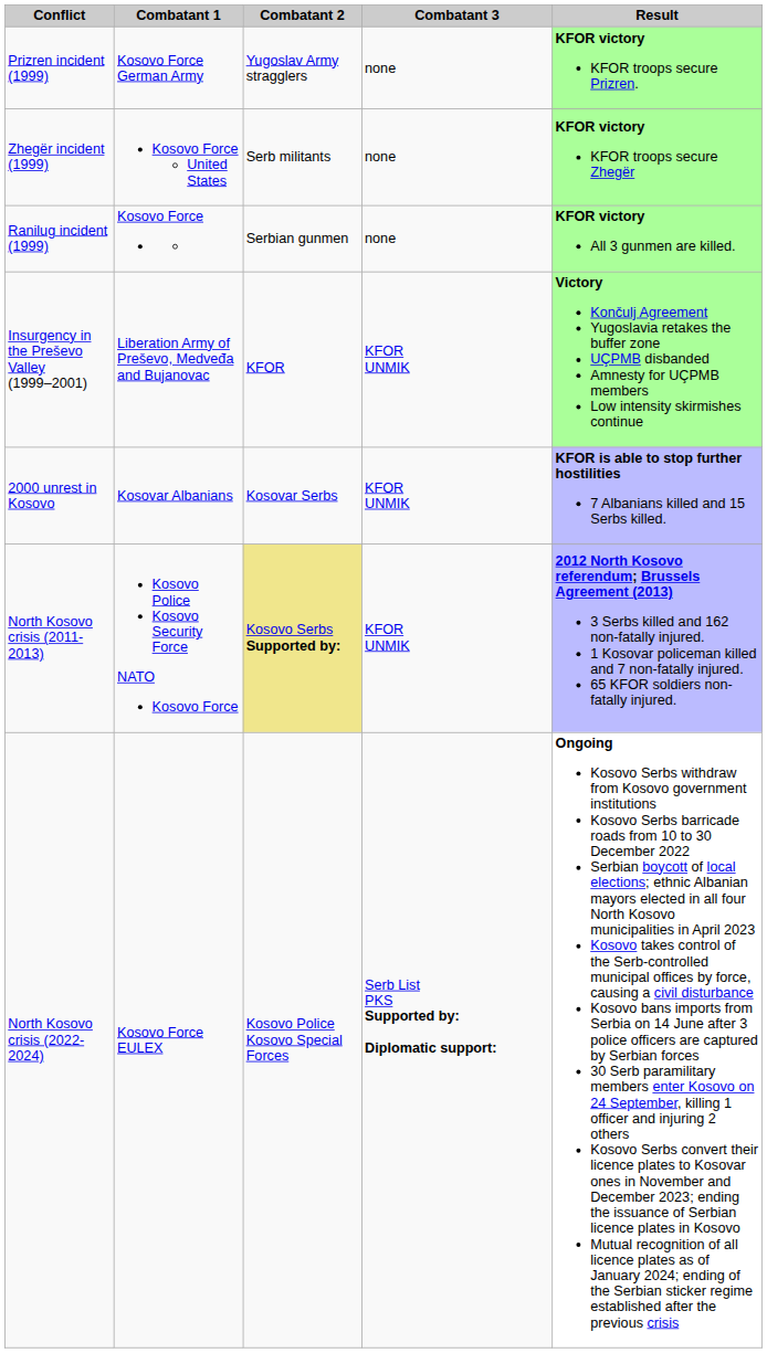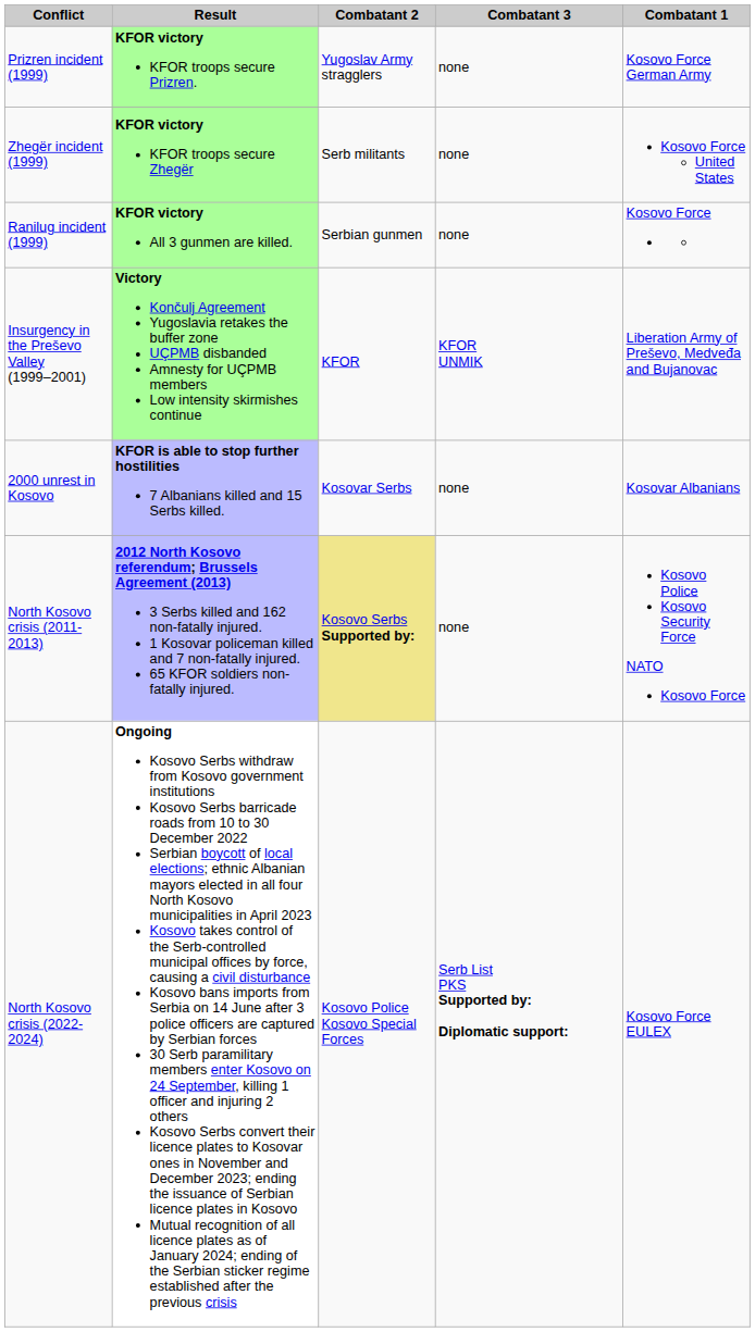 <table class="wikitable">
 <tr>
 <th style="background:#ccc" width="145"><span>Conflict</span></th>
-<th style="background:#ccc" width="150"><span>Combatant 1</span></th>
+<th style="background:#ccc" width="300"><span>Result</span></th>
 <th style="background:#ccc" width="160"><span>Combatant 2</span></th>
 <th style="background:#ccc" width="300"><span>Combatant 3</span></th>
-<th style="background:#ccc" width="300"><span>Result</span></th>
+<th style="background:#ccc" width="150"><span>Combatant 1</span></th>
 </tr>
 <tr>
 <td><a href='#'>Prizren incident (1999)</a></td>
-<td> <a href='#'>Kosovo Force</a><br> <a href='#'>German Army</a></td>
+<td style="background:#AF9"><strong>KFOR victory</strong><br><ul><li>KFOR troops secure <a href='#'>Prizren</a>.</li></ul></td>
 <td> <a href='#'>Yugoslav Army</a> stragglers</td>
 <td>none</td>
-<td style="background:#AF9"><strong>KFOR victory</strong><br><ul><li>KFOR troops secure <a href='#'>Prizren</a>.</li></ul></td>
+<td> <a href='#'>Kosovo Force</a><br> <a href='#'>German Army</a></td>
 </tr>
 <tr>
 <td><a href='#'>Zhegër incident (1999)</a></td>
-<td><br><ul><li> <a href='#'>Kosovo Force</a><ul><li> <a href='#'>United States</a></li></ul></li></ul></td>
+<td style="background:#AF9"><strong>KFOR victory</strong><br><ul><li>KFOR troops secure <a href='#'>Zhegër</a></li></ul></td>
 <td> Serb militants</td>
 <td>none</td>
-<td style="background:#AF9"><strong>KFOR victory</strong><br><ul><li>KFOR troops secure <a href='#'>Zhegër</a></li></ul></td>
+<td><br><ul><li> <a href='#'>Kosovo Force</a><ul><li> <a href='#'>United States</a></li></ul></li></ul></td>
 </tr>
 <tr>
 <td><a href='#'>Ranilug incident (1999)</a></td>
-<td>  <a href='#'>Kosovo Force</a><br><ul><li><ul><li></li></ul></li></ul></td>
+<td style="background:#AF9"><strong>KFOR victory</strong><br><ul><li>All 3 gunmen are killed.</li></ul></td>
 <td> Serbian gunmen</td>
 <td>none</td>
-<td style="background:#AF9"><strong>KFOR victory</strong><br><ul><li>All 3 gunmen are killed.</li></ul></td>
+<td>  <a href='#'>Kosovo Force</a><br><ul><li><ul><li></li></ul></li></ul></td>
 </tr>
 <tr>
 <td><a href='#'>Insurgency in the Preševo Valley</a><br>(1999–2001)</td>
-<td> <a href='#'>Liberation Army of Preševo, Medveđa and Bujanovac</a></td>
+<td style="background:#AF9"><strong>Victory</strong><br><ul><li><a href='#'>Končulj Agreement</a></li><li>Yugoslavia retakes the buffer zone</li><li><a href='#'>UÇPMB</a> disbanded</li><li>Amnesty for UÇPMB members</li><li>Low intensity skirmishes continue</li></ul></td>
 <td><br> <a href='#'>KFOR</a></td>
 <td> <a href='#'>KFOR</a><br> <a href='#'>UNMIK</a></td>
-<td style="background:#AF9"><strong>Victory</strong><br><ul><li><a href='#'>Končulj Agreement</a></li><li>Yugoslavia retakes the buffer zone</li><li><a href='#'>UÇPMB</a> disbanded</li><li>Amnesty for UÇPMB members</li><li>Low intensity skirmishes continue</li></ul></td>
+<td> <a href='#'>Liberation Army of Preševo, Medveđa and Bujanovac</a></td>
 </tr>
 <tr>
 <td><a href='#'>2000 unrest in Kosovo</a></td>
+<td style="background:#BBF"><strong>KFOR is able to stop further hostilities</strong><br><ul><li>7 Albanians killed and 15 Serbs killed.</li></ul></td>
+<td> <a href='#'>Kosovar Serbs</a></td>
+<td>none</td>
 <td> <a href='#'>Kosovar Albanians</a></td>
-<td> <a href='#'>Kosovar Serbs</a></td>
-<td> <a href='#'>KFOR</a><br> <a href='#'>UNMIK</a></td>
-<td style="background:#BBF"><strong>KFOR is able to stop further hostilities</strong><br><ul><li>7 Albanians killed and 15 Serbs killed.</li></ul></td>
 </tr>
 <tr>
 <td><a href='#'>North Kosovo crisis (2011-2013)</a></td>
+<td style="background:#BBF"><strong><a href='#'>2012 North Kosovo referendum</a>; <a href='#'>Brussels Agreement (2013)</a></strong><br><ul><li>3 Serbs killed and 162 non-fatally injured.</li><li>1 Kosovar policeman killed and 7 non-fatally injured.</li><li>65 KFOR soldiers non-fatally injured.</li></ul></td>
+<td style="background: khaki;"> <a href='#'>Kosovo Serbs</a><br><strong>Supported by:</strong><br></td>
+<td>none</td>
 <td><br><ul><li><a href='#'>Kosovo Police</a></li><li> <a href='#'>Kosovo Security Force</a></li></ul> <a href='#'>NATO</a><ul><li> <a href='#'>Kosovo Force</a></li></ul></td>
-<td style="background: khaki;"> <a href='#'>Kosovo Serbs</a><br><strong>Supported by:</strong><br></td>
-<td> <a href='#'>KFOR</a><br> <a href='#'>UNMIK</a></td>
-<td style="background:#BBF"><strong><a href='#'>2012 North Kosovo referendum</a>; <a href='#'>Brussels Agreement (2013)</a></strong><br><ul><li>3 Serbs killed and 162 non-fatally injured.</li><li>1 Kosovar policeman killed and 7 non-fatally injured.</li><li>65 KFOR soldiers non-fatally injured.</li></ul></td>
 </tr>
 <tr>
 <td><a href='#'>North Kosovo crisis (2022-2024)</a></td>
-<td> <a href='#'>Kosovo Force</a><br> <a href='#'>EULEX</a></td>
+<td style="background:#FFF"><strong>Ongoing</strong><br><ul><li>Kosovo Serbs withdraw from Kosovo government institutions</li><li>Kosovo Serbs barricade roads from 10 to 30 December 2022</li><li>Serbian <a href='#'>boycott</a> of <a href='#'>local elections</a>; ethnic Albanian mayors elected in all four North Kosovo municipalities in April 2023</li><li><a href='#'>Kosovo</a> takes control of the Serb-controlled municipal offices by force, causing a <a href='#'>civil disturbance</a></li><li>Kosovo bans imports from Serbia on 14 June after 3 police officers are captured by Serbian forces</li><li>30 Serb paramilitary members <a href='#'>enter Kosovo on 24 September</a>, killing 1 officer and injuring 2 others</li><li>Kosovo Serbs convert their licence plates to Kosovar ones in November and December 2023; ending the issuance of Serbian licence plates in Kosovo</li><li>Mutual recognition of all licence plates as of January 2024; ending of the Serbian sticker regime established after the previous <a href='#'>crisis</a></li></ul></td>
 <td> <a href='#'>Kosovo Police</a><br> <a href='#'>Kosovo Special Forces</a></td>
 <td> <a href='#'>Serb List</a><br> <a href='#'>PKS</a><br><strong>Supported by:</strong><br><br><strong>Diplomatic support:</strong><br><br><br><br></td>
-<td style="background:#FFF"><strong>Ongoing</strong><br><ul><li>Kosovo Serbs withdraw from Kosovo government institutions</li><li>Kosovo Serbs barricade roads from 10 to 30 December 2022</li><li>Serbian <a href='#'>boycott</a> of <a href='#'>local elections</a>; ethnic Albanian mayors elected in all four North Kosovo municipalities in April 2023</li><li><a href='#'>Kosovo</a> takes control of the Serb-controlled municipal offices by force, causing a <a href='#'>civil disturbance</a></li><li>Kosovo bans imports from Serbia on 14 June after 3 police officers are captured by Serbian forces</li><li>30 Serb paramilitary members <a href='#'>enter Kosovo on 24 September</a>, killing 1 officer and injuring 2 others</li><li>Kosovo Serbs convert their licence plates to Kosovar ones in November and December 2023; ending the issuance of Serbian licence plates in Kosovo</li><li>Mutual recognition of all licence plates as of January 2024; ending of the Serbian sticker regime established after the previous <a href='#'>crisis</a></li></ul></td>
+<td> <a href='#'>Kosovo Force</a><br> <a href='#'>EULEX</a></td>
 </tr>
 </table>
